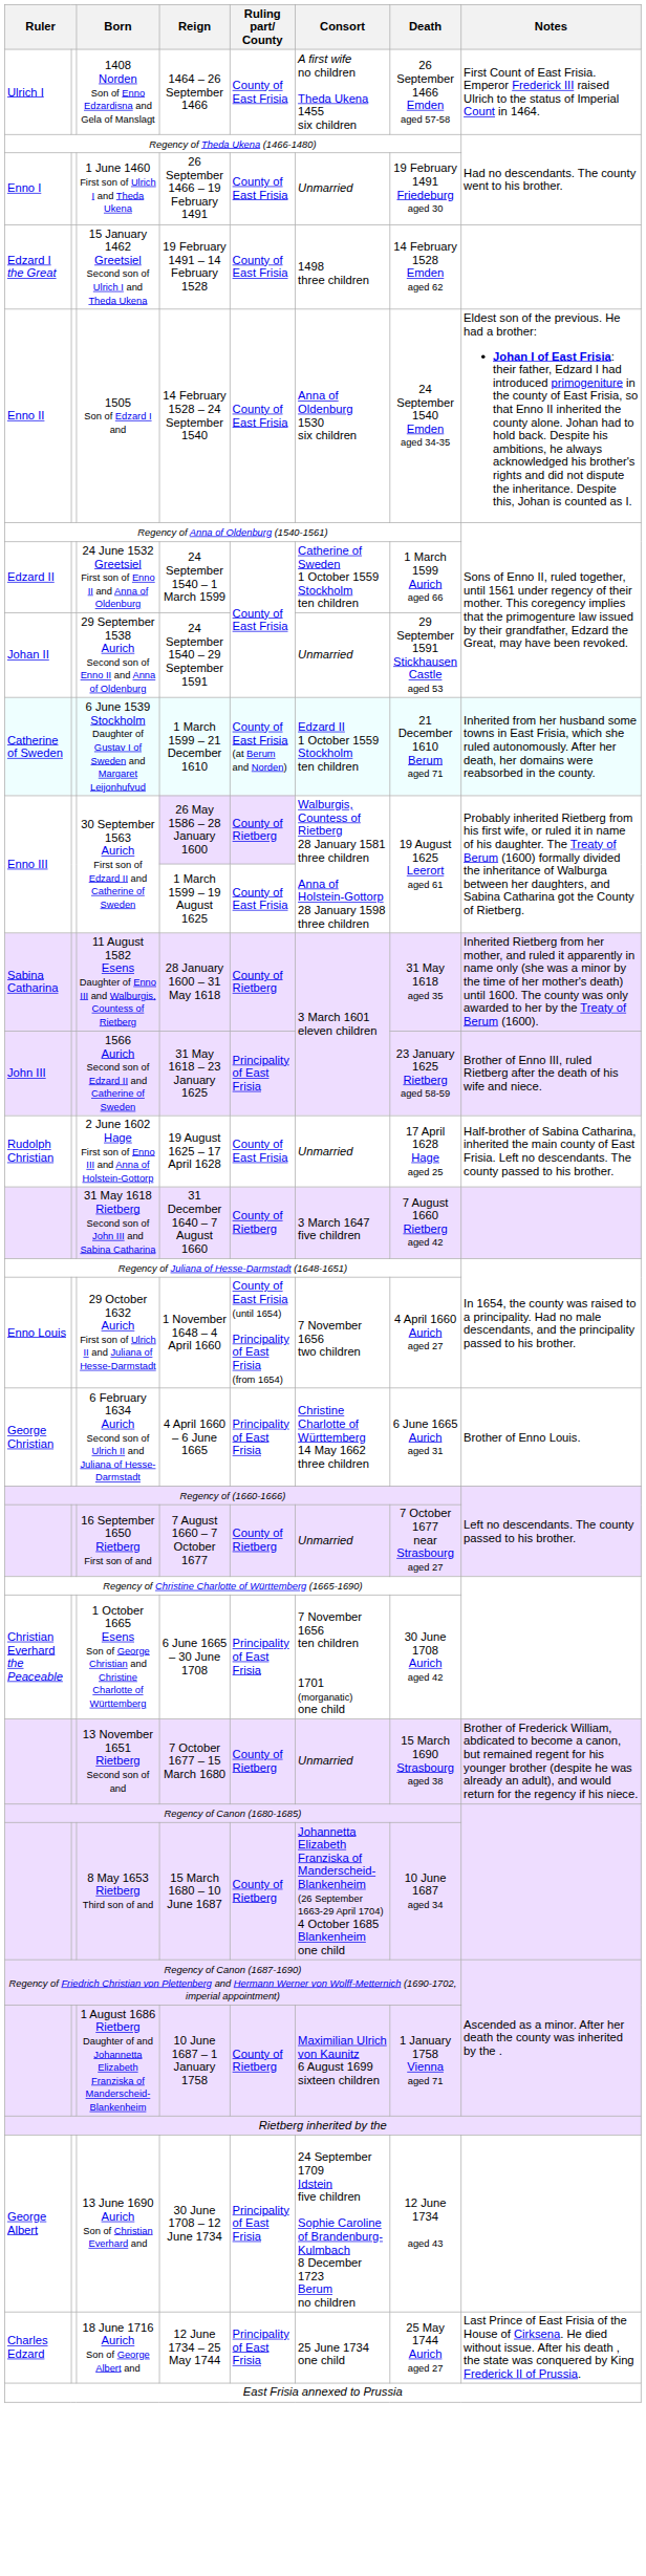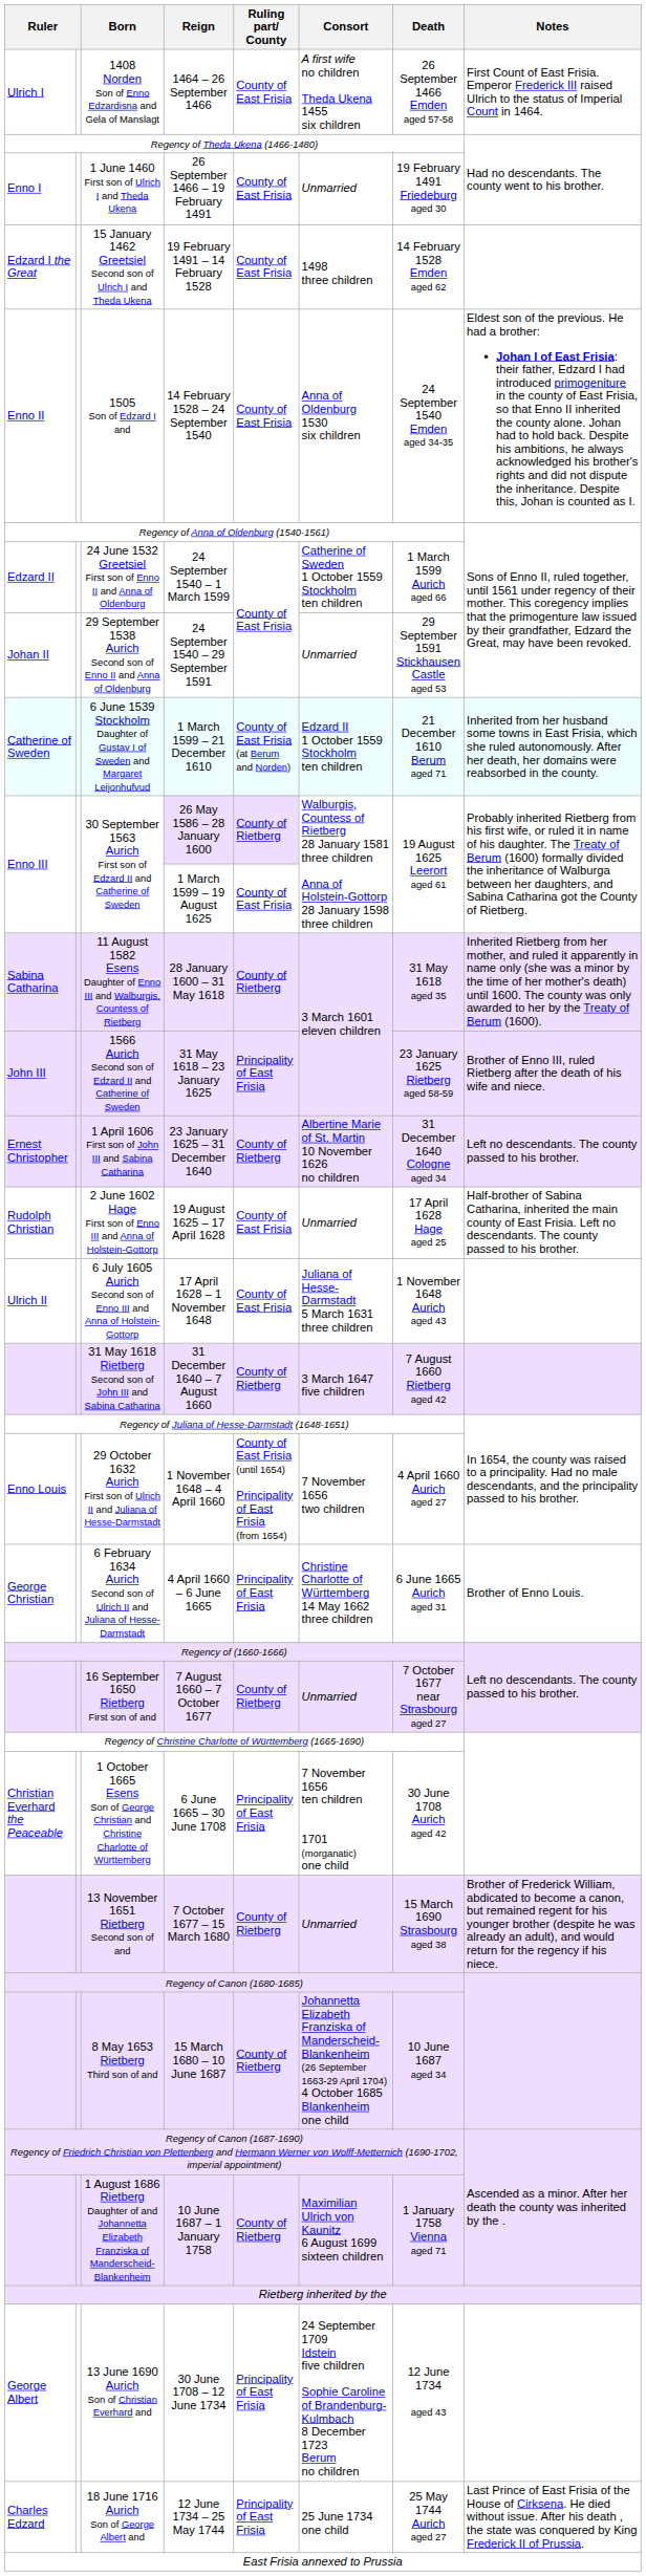 <table class="wikitable sticky-header">
 <tr>
 <th colspan=2>Ruler</th>
 <th>Born</th>
 <th>Reign</th>
 <th>Ruling part/<br>County</th>
 <th>Consort</th>
 <th>Death</th>
 <th>Notes</th>
 </tr>
 <tr style="background:#fff">
 <td><a href='#'>Ulrich I</a></td>
 <td></td>
 <td align=center>1408<br><a href='#'>Norden</a><br><small>Son of <a href='#'>Enno Edzardisna</a> and Gela of Manslagt</small></td>
 <td align=center>1464 – 26 September 1466</td>
 <td><a href='#'>County of East Frisia</a></td>
 <td><em>A first wife</em><br>no children<br><br><a href='#'>Theda Ukena</a><br>1455<br>six children</td>
 <td align=center>26 September 1466<br><a href='#'>Emden</a><br><small>aged 57-58</small></td>
 <td>First Count of East Frisia. Emperor <a href='#'>Frederick III</a> raised Ulrich to the status of Imperial <a href='#'>Count</a> in 1464.</td>
 </tr>
 <tr style="background:#fff">
 <td align="center"colspan="7"><small><em>Regency of <a href='#'>Theda Ukena</a> (1466-1480)</em></small></td>
 <td rowspan="2">Had no descendants. The county went to his brother.</td>
 </tr>
 <tr style="background:#fff">
 <td><a href='#'>Enno I</a></td>
 <td></td>
 <td align=center>1 June 1460<br><small>First son of <a href='#'>Ulrich I</a> and <a href='#'>Theda Ukena</a></small></td>
 <td align=center>26 September 1466 – 19 February 1491</td>
 <td><a href='#'>County of East Frisia</a></td>
 <td><em>Unmarried</em></td>
 <td align=center>19 February 1491<br><a href='#'>Friedeburg</a><br><small>aged 30</small></td>
 </tr>
 <tr style="background:#fff">
 <td><a href='#'>Edzard I <em>the Great</em></a></td>
 <td></td>
 <td align=center>15 January 1462<br><a href='#'>Greetsiel</a><br><small>Second son of <a href='#'>Ulrich I</a> and <a href='#'>Theda Ukena</a></small></td>
 <td align=center>19 February 1491 – 14 February 1528</td>
 <td><a href='#'>County of East Frisia</a></td>
 <td><br>1498<br>three children</td>
 <td align=center>14 February 1528<br><a href='#'>Emden</a><br><small>aged 62</small></td>
 <td></td>
 </tr>
 <tr style="background:#fff">
 <td><a href='#'>Enno II</a></td>
 <td></td>
 <td align=center>1505<br><small>Son of <a href='#'>Edzard I</a> and </small></td>
 <td align=center>14 February 1528 – 24 September 1540</td>
 <td><a href='#'>County of East Frisia</a></td>
 <td><a href='#'>Anna of Oldenburg</a><br>1530<br>six children</td>
 <td align=center>24 September 1540<br><a href='#'>Emden</a><br><small>aged 34-35</small></td>
 <td>Eldest son of the previous. He had a brother:<br><ul><li><strong><a href='#'>Johan I of East Frisia</a></strong>: their father, Edzard I had introduced <a href='#'>primogeniture</a> in the county of East Frisia, so that Enno II inherited the county alone. Johan had to hold back. Despite his ambitions, he always acknowledged his brother's rights and did not dispute the inheritance. Despite this, Johan is counted as I.</li></ul></td>
 </tr>
 <tr style="background:#fff">
 <td align="center"colspan="7"><small><em>Regency of <a href='#'>Anna of Oldenburg</a> (1540-1561)</em></small></td>
 <td rowspan="3">Sons of Enno II, ruled together, until 1561 under regency of their mother. This coregency implies that the primogenture law issued by their grandfather, Edzard the Great, may have been revoked.</td>
 </tr>
 <tr style="background:#fff">
 <td><a href='#'>Edzard II</a></td>
 <td></td>
 <td align=center>24 June 1532<br><a href='#'>Greetsiel</a><br><small>First son of <a href='#'>Enno II</a> and <a href='#'>Anna of Oldenburg</a></small></td>
 <td align=center>24 September 1540 – 1 March 1599</td>
 <td rowspan="2"><a href='#'>County of East Frisia</a></td>
 <td><a href='#'>Catherine of Sweden</a><br>1 October 1559<br><a href='#'>Stockholm</a><br>ten children</td>
 <td align=center>1 March 1599<br><a href='#'>Aurich</a><br><small>aged 66</small></td>
 </tr>
 <tr style="background:#fff">
 <td><a href='#'>Johan II</a></td>
 <td></td>
 <td align=center>29 September 1538<br><a href='#'>Aurich</a><br><small>Second son of <a href='#'>Enno II</a> and <a href='#'>Anna of Oldenburg</a></small></td>
 <td align=center>24 September 1540 – 29 September 1591</td>
 <td><em>Unmarried</em></td>
 <td align=center>29 September 1591<br><a href='#'>Stickhausen Castle</a><br><small>aged 53</small></td>
 </tr>
 <tr style="background:#eff">
 <td><a href='#'>Catherine of Sweden</a></td>
 <td></td>
 <td align=center>6 June 1539<br><a href='#'>Stockholm</a><br><small>Daughter of <a href='#'>Gustav I of Sweden</a> and <a href='#'>Margaret Leijonhufvud</a></small></td>
 <td align=center>1 March 1599 – 21 December 1610</td>
 <td><a href='#'>County of East Frisia</a><br><small>(at <a href='#'>Berum</a> and <a href='#'>Norden</a>)</small></td>
 <td><a href='#'>Edzard II</a><br>1 October 1559<br><a href='#'>Stockholm</a><br>ten children</td>
 <td align=center>21 December 1610<br><a href='#'>Berum</a><br><small>aged 71</small></td>
 <td>Inherited from her husband some towns in East Frisia, which she ruled autonomously. After her death, her domains were reabsorbed in the county.</td>
 </tr>
 <tr style="background:#fff">
 <td rowspan="2"><a href='#'>Enno III</a></td>
 <td rowspan="2"></td>
 <td rowspan="2" align=center>30 September 1563<br><a href='#'>Aurich</a><br><small>First son of <a href='#'>Edzard II</a> and <a href='#'>Catherine of Sweden</a></small></td>
 <td align=center style="background:#edf">26 May 1586 – 28 January 1600</td>
 <td style="background:#edf"><a href='#'>County of Rietberg</a></td>
 <td rowspan="2"><a href='#'>Walburgis, Countess of Rietberg</a><br>28 January 1581<br>three children<br><br> <a href='#'>Anna of Holstein-Gottorp</a><br>28 January 1598<br>three children</td>
 <td rowspan="2" align=center>19 August 1625<br><a href='#'>Leerort</a><br><small>aged 61</small></td>
 <td rowspan="2">Probably inherited Rietberg from his first wife, or ruled it in name of his daughter. The <a href='#'>Treaty of Berum</a> (1600) formally divided the inheritance of Walburga between her daughters, and Sabina Catharina got the County of Rietberg.</td>
 </tr>
 <tr style="background:#fff">
 <td align=center>1 March 1599 – 19 August 1625</td>
 <td><a href='#'>County of East Frisia</a></td>
 </tr>
 <tr style="background:#edf">
 <td><a href='#'>Sabina Catharina</a></td>
 <td></td>
 <td align=center>11 August 1582<br><a href='#'>Esens</a><br><small>Daughter of <a href='#'>Enno III</a> and <a href='#'>Walburgis, Countess of Rietberg</a></small></td>
 <td align=center>28 January 1600 – 31 May 1618</td>
 <td><a href='#'>County of Rietberg</a></td>
 <td rowspan=2>3 March 1601<br>eleven children</td>
 <td align=center>31 May 1618<br><small>aged 35</small></td>
 <td>Inherited Rietberg from her mother, and ruled it apparently in name only (she was a minor by the time of her mother's death) until 1600. The county was only awarded to her by the <a href='#'>Treaty of Berum</a> (1600).</td>
 </tr>
 <tr style="background:#edf">
 <td><a href='#'>John III</a></td>
 <td></td>
 <td align=center>1566<br><a href='#'>Aurich</a><br><small>Second son of <a href='#'>Edzard II</a> and <a href='#'>Catherine of Sweden</a></small></td>
 <td align=center>31 May 1618 – 23 January 1625</td>
 <td><a href='#'>Principality of East Frisia</a></td>
 <td align=center>23 January 1625<br><a href='#'>Rietberg</a><br><small>aged 58-59</small></td>
 <td>Brother of Enno III, ruled Rietberg after the death of his wife and niece.</td>
 </tr>
+<tr style="background:#edf">
+<td><a href='#'>Ernest Christopher</a></td>
+<td></td>
+<td align=center>1 April 1606<br><small>First son of <a href='#'>John III</a> and <a href='#'>Sabina Catharina</a></small></td>
+<td align=center>23 January 1625 – 31 December 1640</td>
+<td><a href='#'>County of Rietberg</a></td>
+<td><a href='#'>Albertine Marie of St. Martin</a><br>10 November 1626<br>no children</td>
+<td align=center>31 December 1640<br><a href='#'>Cologne</a><br><small>aged 34</small></td>
+<td>Left no descendants. The county passed to his brother.</td>
+</tr>
 <tr style="background:#fff">
 <td><a href='#'>Rudolph Christian</a></td>
 <td></td>
 <td align=center>2 June 1602<br><a href='#'>Hage</a><br><small>First son of <a href='#'>Enno III</a> and <a href='#'>Anna of Holstein-Gottorp</a></small></td>
 <td align=center>19 August 1625 – 17 April 1628</td>
 <td><a href='#'>County of East Frisia</a></td>
 <td><em>Unmarried</em></td>
 <td align=center>17 April 1628<br><a href='#'>Hage</a><br><small>aged 25</small></td>
 <td>Half-brother of Sabina Catharina, inherited the main county of East Frisia. Left no descendants. The county passed to his brother.</td>
+</tr>
+<tr style="background:#fff">
+<td><a href='#'>Ulrich II</a></td>
+<td></td>
+<td align=center>6 July 1605<br><a href='#'>Aurich</a><br><small>Second son of <a href='#'>Enno III</a> and <a href='#'>Anna of Holstein-Gottorp</a></small></td>
+<td align=center>17 April 1628 – 1 November 1648</td>
+<td><a href='#'>County of East Frisia</a></td>
+<td><a href='#'>Juliana of Hesse-Darmstadt</a><br>5 March 1631<br>three children</td>
+<td align=center>1 November 1648<br><a href='#'>Aurich</a><br><small>aged 43</small></td>
+<td></td>
 </tr>
 <tr style="background:#edf">
 <td></td>
 <td></td>
 <td align=center>31 May 1618<br><a href='#'>Rietberg</a><br><small>Second son of <a href='#'>John III</a> and <a href='#'>Sabina Catharina</a></small></td>
 <td align=center>31 December 1640 – 7 August 1660</td>
 <td><a href='#'>County of Rietberg</a></td>
 <td><br>3 March 1647<br>five children</td>
 <td align=center>7 August 1660<br><a href='#'>Rietberg</a><br><small>aged 42</small></td>
 <td></td>
 </tr>
 <tr style="background:#fff">
 <td align="center"colspan="7"><small><em>Regency of <a href='#'>Juliana of Hesse-Darmstadt</a> (1648-1651)</em></small></td>
 <td rowspan="2">In 1654, the county was raised to a principality. Had no male descendants, and the principality passed to his brother.</td>
 </tr>
 <tr style="background:#fff">
 <td><a href='#'>Enno Louis</a></td>
 <td></td>
 <td align=center>29 October 1632<br><a href='#'>Aurich</a><br><small>First son of <a href='#'>Ulrich II</a> and <a href='#'>Juliana of Hesse-Darmstadt</a></small></td>
 <td align=center>1 November 1648 – 4 April 1660</td>
 <td><a href='#'>County of East Frisia</a><br><small>(until 1654)</small><br><br><a href='#'>Principality of East Frisia</a><br><small>(from 1654)</small></td>
 <td><br>7 November 1656<br>two children</td>
 <td align=center>4 April 1660<br><a href='#'>Aurich</a><br><small>aged 27</small></td>
 </tr>
 <tr style="background:#fff">
 <td><a href='#'>George Christian</a></td>
 <td></td>
 <td align=center>6 February 1634<br><a href='#'>Aurich</a><br><small>Second son of <a href='#'>Ulrich II</a> and <a href='#'>Juliana of Hesse-Darmstadt</a></small></td>
 <td align=center>4 April 1660 – 6 June 1665</td>
 <td><a href='#'>Principality of East Frisia</a></td>
 <td><a href='#'>Christine Charlotte of Württemberg</a><br>14 May 1662<br>three children</td>
 <td align=center>6 June 1665<br><a href='#'>Aurich</a><br><small>aged 31</small></td>
 <td>Brother of Enno Louis.</td>
 </tr>
 <tr style="background:#edf">
 <td align="center"colspan="7"><small><em>Regency of  (1660-1666)</em></small></td>
 <td rowspan="2">Left no descendants. The county passed to his brother.</td>
 </tr>
 <tr style="background:#edf">
 <td></td>
 <td></td>
 <td align=center>16 September 1650<br><a href='#'>Rietberg</a><br><small>First son of  and </small></td>
 <td align=center>7 August 1660 – 7 October 1677</td>
 <td><a href='#'>County of Rietberg</a></td>
 <td><em>Unmarried</em></td>
 <td align=center>7 October 1677<br>near <a href='#'>Strasbourg</a><br><small>aged 27</small></td>
 </tr>
 <tr style="background:#fff">
 <td align="center"colspan="7"><small><em>Regency of <a href='#'>Christine Charlotte of Württemberg</a> (1665-1690)</em></small></td>
 <td rowspan="2"></td>
 </tr>
 <tr style="background:#fff">
 <td><a href='#'>Christian Everhard <em>the Peaceable</em></a></td>
 <td></td>
 <td align=center>1 October 1665<br><a href='#'>Esens</a><br><small>Son of <a href='#'>George Christian</a> and <a href='#'>Christine Charlotte of Württemberg</a></small></td>
 <td align=center>6 June 1665 – 30 June 1708</td>
 <td><a href='#'>Principality of East Frisia</a></td>
 <td><br>7 November 1656<br>ten children<br><br><br>1701<br><small>(morganatic)</small><br>one child</td>
 <td align=center>30 June 1708<br><a href='#'>Aurich</a><br><small>aged 42</small></td>
 </tr>
 <tr style="background:#edf">
 <td></td>
 <td></td>
 <td align=center>13 November 1651<br><a href='#'>Rietberg</a><br><small>Second son of  and </small></td>
 <td align=center>7 October 1677 – 15 March 1680</td>
 <td><a href='#'>County of Rietberg</a></td>
 <td><em>Unmarried</em></td>
 <td align=center>15 March 1690<br><a href='#'>Strasbourg</a><br><small>aged 38</small></td>
 <td>Brother of Frederick William, abdicated to become a canon, but remained regent for his younger brother (despite he was already an adult), and would return for the regency if his niece.</td>
 </tr>
 <tr style="background:#edf">
 <td align="center"colspan="7"><small><em>Regency of Canon  (1680-1685)</em></small></td>
 <td rowspan="2"></td>
 </tr>
 <tr style="background:#edf">
 <td></td>
 <td></td>
 <td align=center>8 May 1653<br><a href='#'>Rietberg</a><br><small>Third son of  and </small></td>
 <td align=center>15 March 1680 – 10 June 1687</td>
 <td><a href='#'>County of Rietberg</a></td>
 <td><a href='#'>Johannetta Elizabeth Franziska of Manderscheid-Blankenheim</a><br><small>(26 September 1663-29 April 1704)</small><br>4 October 1685<br><a href='#'>Blankenheim</a><br>one child</td>
 <td align=center>10 June 1687<br><small>aged 34</small></td>
 </tr>
 <tr style="background:#edf">
 <td align="center"colspan="7"><small><em>Regency of Canon  (1687-1690)<br>Regency of <a href='#'>Friedrich Christian von Plettenberg</a> and <a href='#'>Hermann Werner von Wolff-Metternich</a> (1690-1702, imperial appointment)</em></small></td>
 <td rowspan="2">Ascended as a minor. After her death the county was inherited by the .</td>
 </tr>
 <tr style="background:#edf">
 <td></td>
 <td></td>
 <td align=center>1 August 1686<br><a href='#'>Rietberg</a><br><small>Daughter of  and <a href='#'>Johannetta Elizabeth Franziska of Manderscheid-Blankenheim</a></small></td>
 <td align=center>10 June 1687 – 1 January 1758</td>
 <td><a href='#'>County of Rietberg</a></td>
 <td><a href='#'>Maximilian Ulrich von Kaunitz</a><br>6 August 1699<br>sixteen children</td>
 <td align=center>1 January 1758<br><a href='#'>Vienna</a><br><small>aged 71</small></td>
 </tr>
 <tr style="background:#edf">
 <td colspan=8 align=center><em>Rietberg inherited by the </em></td>
 </tr>
 <tr style="background:#fff">
 <td><a href='#'>George Albert</a></td>
 <td></td>
 <td align=center>13 June 1690<br><a href='#'>Aurich</a><br><small>Son of <a href='#'>Christian Everhard</a> and </small></td>
 <td align=center>30 June 1708 – 12 June 1734</td>
 <td><a href='#'>Principality of East Frisia</a></td>
 <td><br>24 September 1709<br><a href='#'>Idstein</a><br>five children<br><br><a href='#'>Sophie Caroline of Brandenburg-Kulmbach</a><br>8 December 1723<br><a href='#'>Berum</a><br>no children</td>
 <td align=center>12 June 1734<br><br><small>aged 43</small></td>
 <td></td>
 </tr>
 <tr style="background:#fff">
 <td><a href='#'>Charles Edzard</a></td>
 <td></td>
 <td align=center>18 June 1716<br><a href='#'>Aurich</a><br><small>Son of <a href='#'>George Albert</a> and </small></td>
 <td align=center>12 June 1734 – 25 May 1744</td>
 <td><a href='#'>Principality of East Frisia</a></td>
 <td><br>25 June 1734<br>one child</td>
 <td align=center>25 May 1744<br><a href='#'>Aurich</a><br><small>aged 27</small></td>
 <td>Last Prince of East Frisia of the House of <a href='#'>Cirksena</a>. He died without issue. After his death , the state was conquered by King <a href='#'>Frederick II of Prussia</a>.</td>
 </tr>
 <tr style="background:#fff">
 <td colspan="8" align="center"><em>East Frisia annexed to Prussia</em></td>
 </tr>
 </table>
